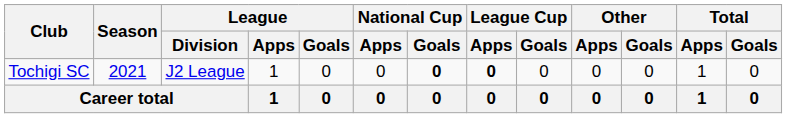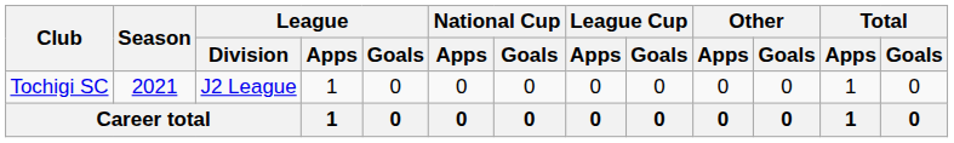 <table class="wikitable" style="text-align: center">
 <tr>
 <th rowspan="2">Club</th>
 <th rowspan="2">Season</th>
 <th colspan="3">League</th>
 <th colspan="2">National Cup</th>
 <th colspan="2">League Cup</th>
 <th colspan="2">Other</th>
 <th colspan="2">Total</th>
 </tr>
 <tr>
 <th>Division</th>
 <th>Apps</th>
 <th>Goals</th>
 <th>Apps</th>
 <th>Goals</th>
 <th>Apps</th>
 <th>Goals</th>
 <th>Apps</th>
 <th>Goals</th>
 <th>Apps</th>
 <th>Goals</th>
 </tr>
 <tr>
 <td><a href='#'>Tochigi SC</a></td>
 <td><a href='#'>2021</a></td>
 <td><a href='#'>J2 League</a></td>
 <td>1</td>
 <td>0</td>
 <td>0</td>
-<td><strong>0</strong></td>
-<td><strong>0</strong></td>
+<td>0</td>
+<td>0</td>
 <td>0</td>
 <td>0</td>
 <td>0</td>
 <td>1</td>
 <td>0</td>
 </tr>
 <tr>
 <th colspan=3>Career total</th>
 <th>1</th>
 <th>0</th>
 <th>0</th>
 <th>0</th>
 <th>0</th>
 <th>0</th>
 <th>0</th>
 <th>0</th>
 <th>1</th>
 <th>0</th>
 </tr>
 </table>
